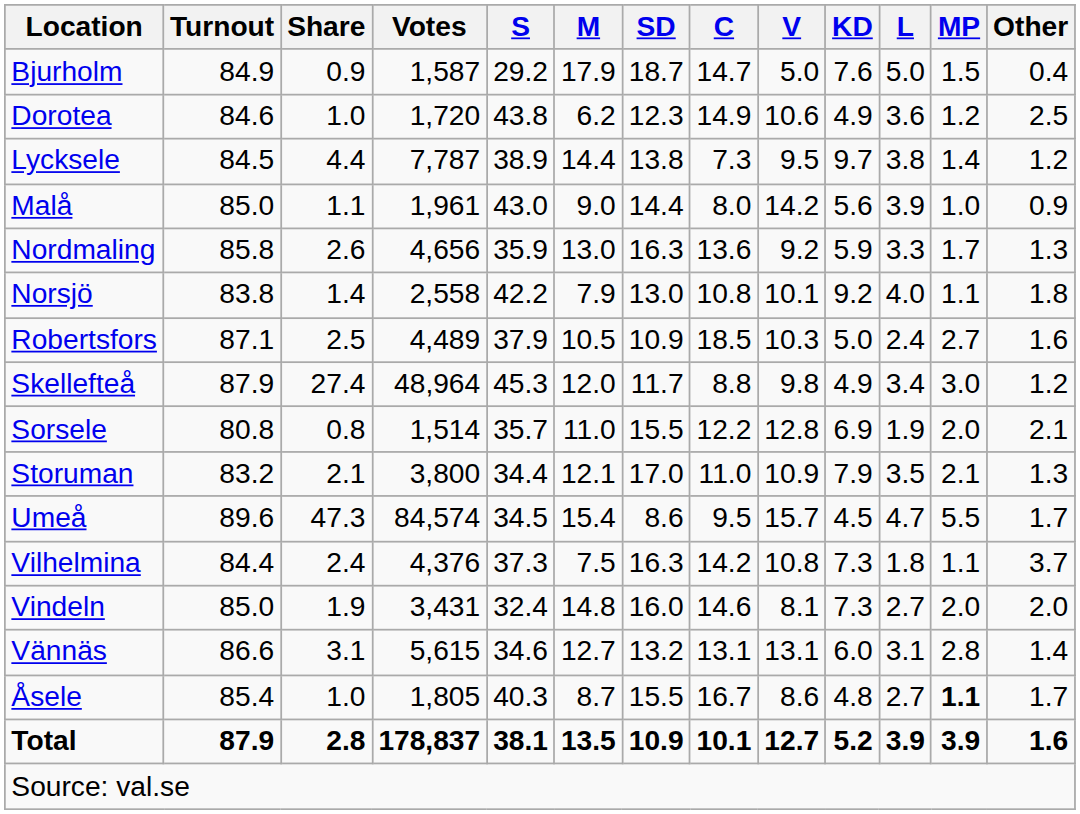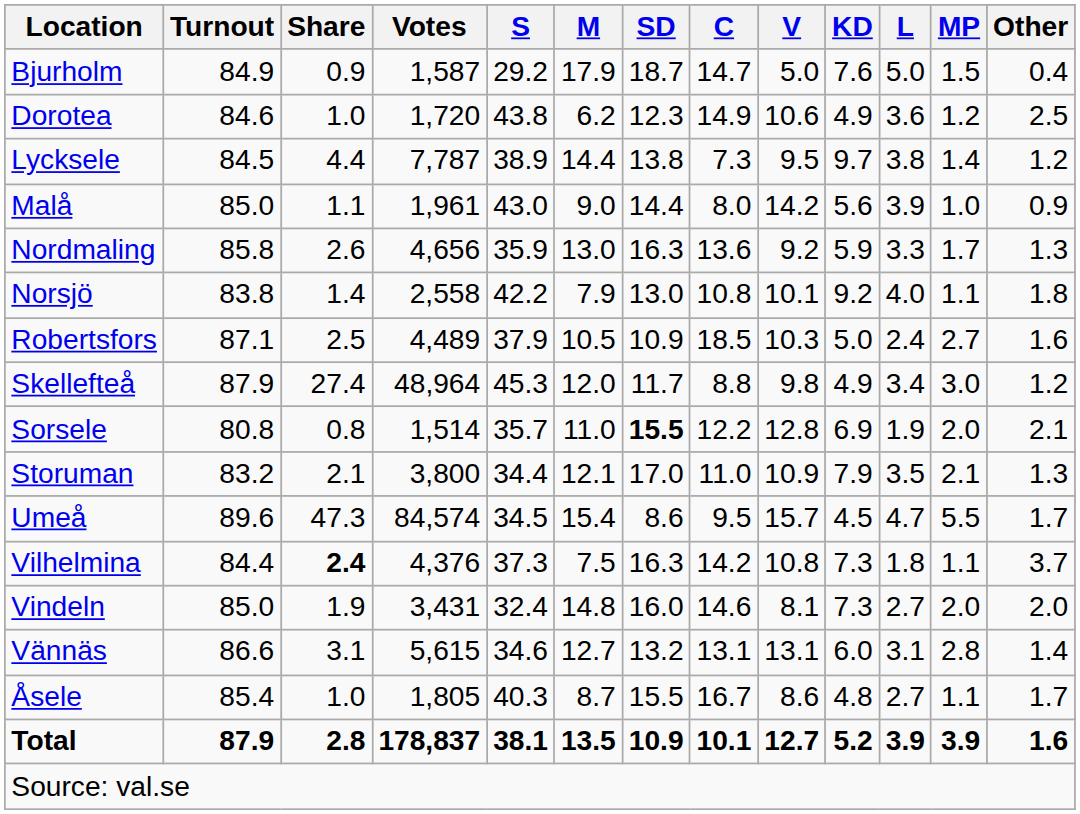 <table class="wikitable sortable" style=text-align:right>
 <tr>
 <th>Location</th>
 <th>Turnout</th>
 <th>Share</th>
 <th>Votes</th>
 <th><a href='#'>S</a></th>
 <th><a href='#'>M</a></th>
 <th><a href='#'>SD</a></th>
 <th><a href='#'>C</a></th>
 <th><a href='#'>V</a></th>
 <th><a href='#'>KD</a></th>
 <th><a href='#'>L</a></th>
 <th><a href='#'>MP</a></th>
 <th>Other</th>
 </tr>
 <tr>
 <td align=left><a href='#'>Bjurholm</a></td>
 <td>84.9</td>
 <td>0.9</td>
 <td>1,587</td>
 <td>29.2</td>
 <td>17.9</td>
 <td>18.7</td>
 <td>14.7</td>
 <td>5.0</td>
 <td>7.6</td>
 <td>5.0</td>
 <td>1.5</td>
 <td>0.4</td>
 </tr>
 <tr>
 <td align=left><a href='#'>Dorotea</a></td>
 <td>84.6</td>
 <td>1.0</td>
 <td>1,720</td>
 <td>43.8</td>
 <td>6.2</td>
 <td>12.3</td>
 <td>14.9</td>
 <td>10.6</td>
 <td>4.9</td>
 <td>3.6</td>
 <td>1.2</td>
 <td>2.5</td>
 </tr>
 <tr>
 <td align=left><a href='#'>Lycksele</a></td>
 <td>84.5</td>
 <td>4.4</td>
 <td>7,787</td>
 <td>38.9</td>
 <td>14.4</td>
 <td>13.8</td>
 <td>7.3</td>
 <td>9.5</td>
 <td>9.7</td>
 <td>3.8</td>
 <td>1.4</td>
 <td>1.2</td>
 </tr>
 <tr>
 <td align=left><a href='#'>Malå</a></td>
 <td>85.0</td>
 <td>1.1</td>
 <td>1,961</td>
 <td>43.0</td>
 <td>9.0</td>
 <td>14.4</td>
 <td>8.0</td>
 <td>14.2</td>
 <td>5.6</td>
 <td>3.9</td>
 <td>1.0</td>
 <td>0.9</td>
 </tr>
 <tr>
 <td align=left><a href='#'>Nordmaling</a></td>
 <td>85.8</td>
 <td>2.6</td>
 <td>4,656</td>
 <td>35.9</td>
 <td>13.0</td>
 <td>16.3</td>
 <td>13.6</td>
 <td>9.2</td>
 <td>5.9</td>
 <td>3.3</td>
 <td>1.7</td>
 <td>1.3</td>
 </tr>
 <tr>
 <td align=left><a href='#'>Norsjö</a></td>
 <td>83.8</td>
 <td>1.4</td>
 <td>2,558</td>
 <td>42.2</td>
 <td>7.9</td>
 <td>13.0</td>
 <td>10.8</td>
 <td>10.1</td>
 <td>9.2</td>
 <td>4.0</td>
 <td>1.1</td>
 <td>1.8</td>
 </tr>
 <tr>
 <td align=left><a href='#'>Robertsfors</a></td>
 <td>87.1</td>
 <td>2.5</td>
 <td>4,489</td>
 <td>37.9</td>
 <td>10.5</td>
 <td>10.9</td>
 <td>18.5</td>
 <td>10.3</td>
 <td>5.0</td>
 <td>2.4</td>
 <td>2.7</td>
 <td>1.6</td>
 </tr>
 <tr>
 <td align=left><a href='#'>Skellefteå</a></td>
 <td>87.9</td>
 <td>27.4</td>
 <td>48,964</td>
 <td>45.3</td>
 <td>12.0</td>
 <td>11.7</td>
 <td>8.8</td>
 <td>9.8</td>
 <td>4.9</td>
 <td>3.4</td>
 <td>3.0</td>
 <td>1.2</td>
 </tr>
 <tr>
 <td align=left><a href='#'>Sorsele</a></td>
 <td>80.8</td>
 <td>0.8</td>
 <td>1,514</td>
 <td>35.7</td>
 <td>11.0</td>
-<td>15.5</td>
+<td><strong>15.5</strong></td>
 <td>12.2</td>
 <td>12.8</td>
 <td>6.9</td>
 <td>1.9</td>
 <td>2.0</td>
 <td>2.1</td>
 </tr>
 <tr>
 <td align=left><a href='#'>Storuman</a></td>
 <td>83.2</td>
 <td>2.1</td>
 <td>3,800</td>
 <td>34.4</td>
 <td>12.1</td>
 <td>17.0</td>
 <td>11.0</td>
 <td>10.9</td>
 <td>7.9</td>
 <td>3.5</td>
 <td>2.1</td>
 <td>1.3</td>
 </tr>
 <tr>
 <td align=left><a href='#'>Umeå</a></td>
 <td>89.6</td>
 <td>47.3</td>
 <td>84,574</td>
 <td>34.5</td>
 <td>15.4</td>
 <td>8.6</td>
 <td>9.5</td>
 <td>15.7</td>
 <td>4.5</td>
 <td>4.7</td>
 <td>5.5</td>
 <td>1.7</td>
 </tr>
 <tr>
 <td align=left><a href='#'>Vilhelmina</a></td>
 <td>84.4</td>
-<td>2.4</td>
+<td><strong>2.4</strong></td>
 <td>4,376</td>
 <td>37.3</td>
 <td>7.5</td>
 <td>16.3</td>
 <td>14.2</td>
 <td>10.8</td>
 <td>7.3</td>
 <td>1.8</td>
 <td>1.1</td>
 <td>3.7</td>
 </tr>
 <tr>
 <td align=left><a href='#'>Vindeln</a></td>
 <td>85.0</td>
 <td>1.9</td>
 <td>3,431</td>
 <td>32.4</td>
 <td>14.8</td>
 <td>16.0</td>
 <td>14.6</td>
 <td>8.1</td>
 <td>7.3</td>
 <td>2.7</td>
 <td>2.0</td>
 <td>2.0</td>
 </tr>
 <tr>
 <td align=left><a href='#'>Vännäs</a></td>
 <td>86.6</td>
 <td>3.1</td>
 <td>5,615</td>
 <td>34.6</td>
 <td>12.7</td>
 <td>13.2</td>
 <td>13.1</td>
 <td>13.1</td>
 <td>6.0</td>
 <td>3.1</td>
 <td>2.8</td>
 <td>1.4</td>
 </tr>
 <tr>
 <td align=left><a href='#'>Åsele</a></td>
 <td>85.4</td>
 <td>1.0</td>
 <td>1,805</td>
 <td>40.3</td>
 <td>8.7</td>
 <td>15.5</td>
 <td>16.7</td>
 <td>8.6</td>
 <td>4.8</td>
 <td>2.7</td>
-<td><strong>1.1</strong></td>
+<td>1.1</td>
 <td>1.7</td>
 </tr>
 <tr>
 <td align=left><strong>Total</strong></td>
 <td><strong>87.9</strong></td>
 <td><strong>2.8</strong></td>
 <td><strong>178,837</strong></td>
 <td><strong>38.1</strong></td>
 <td><strong>13.5</strong></td>
 <td><strong>10.9</strong></td>
 <td><strong>10.1</strong></td>
 <td><strong>12.7</strong></td>
 <td><strong>5.2</strong></td>
 <td><strong>3.9</strong></td>
 <td><strong>3.9</strong></td>
 <td><strong>1.6</strong></td>
 </tr>
 <tr>
 <td align=left colspan=13>Source: val.se</td>
 </tr>
 </table>
